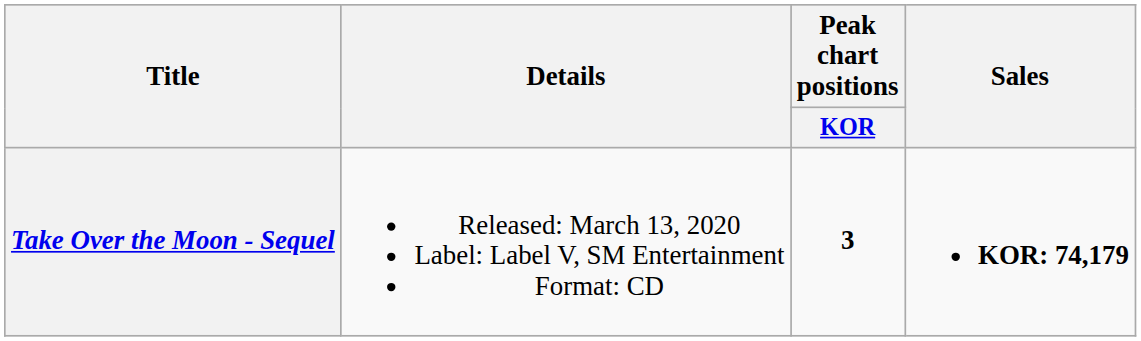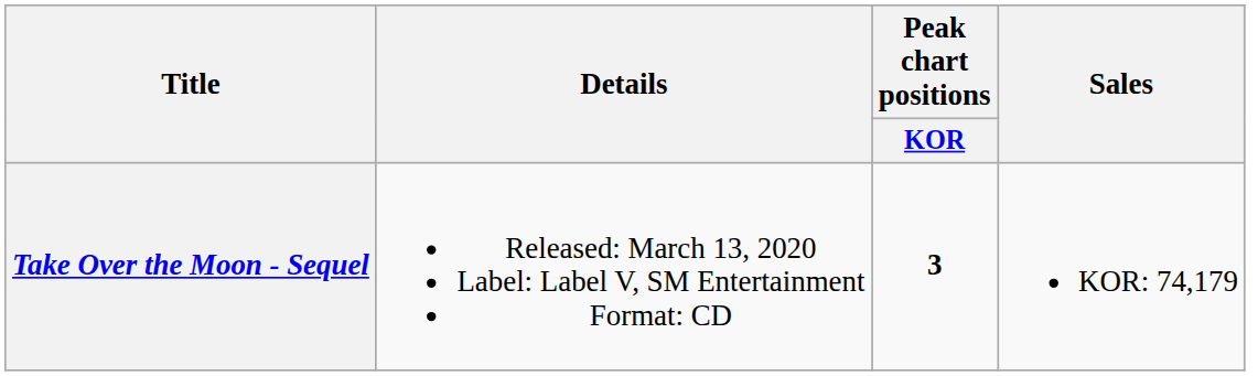 <table class="wikitable plainrowheaders" style="text-align:center">
 <tr>
 <th scope="col" rowspan="2">Title</th>
 <th scope="col" rowspan="2">Details</th>
 <th scope="col">Peak chart positions</th>
 <th scope="col" rowspan="2">Sales</th>
 </tr>
 <tr>
 <th scope="col" style="width:3em;font-size:90%"><a href='#'>KOR</a><br></th>
 </tr>
 <tr>
 <th scope="row"><em><a href='#'>Take Over the Moon - Sequel</a></em></th>
 <td><br><ul><li>Released: March 13, 2020 </li><li>Label: Label V, SM Entertainment</li><li>Format: CD</li></ul></td>
 <td><strong>3</strong></td>
-<td><strong><br><ul><li>KOR: 74,179</li></ul></strong></td>
+<td><br><ul><li>KOR: 74,179</li></ul></td>
 </tr>
 </table>
